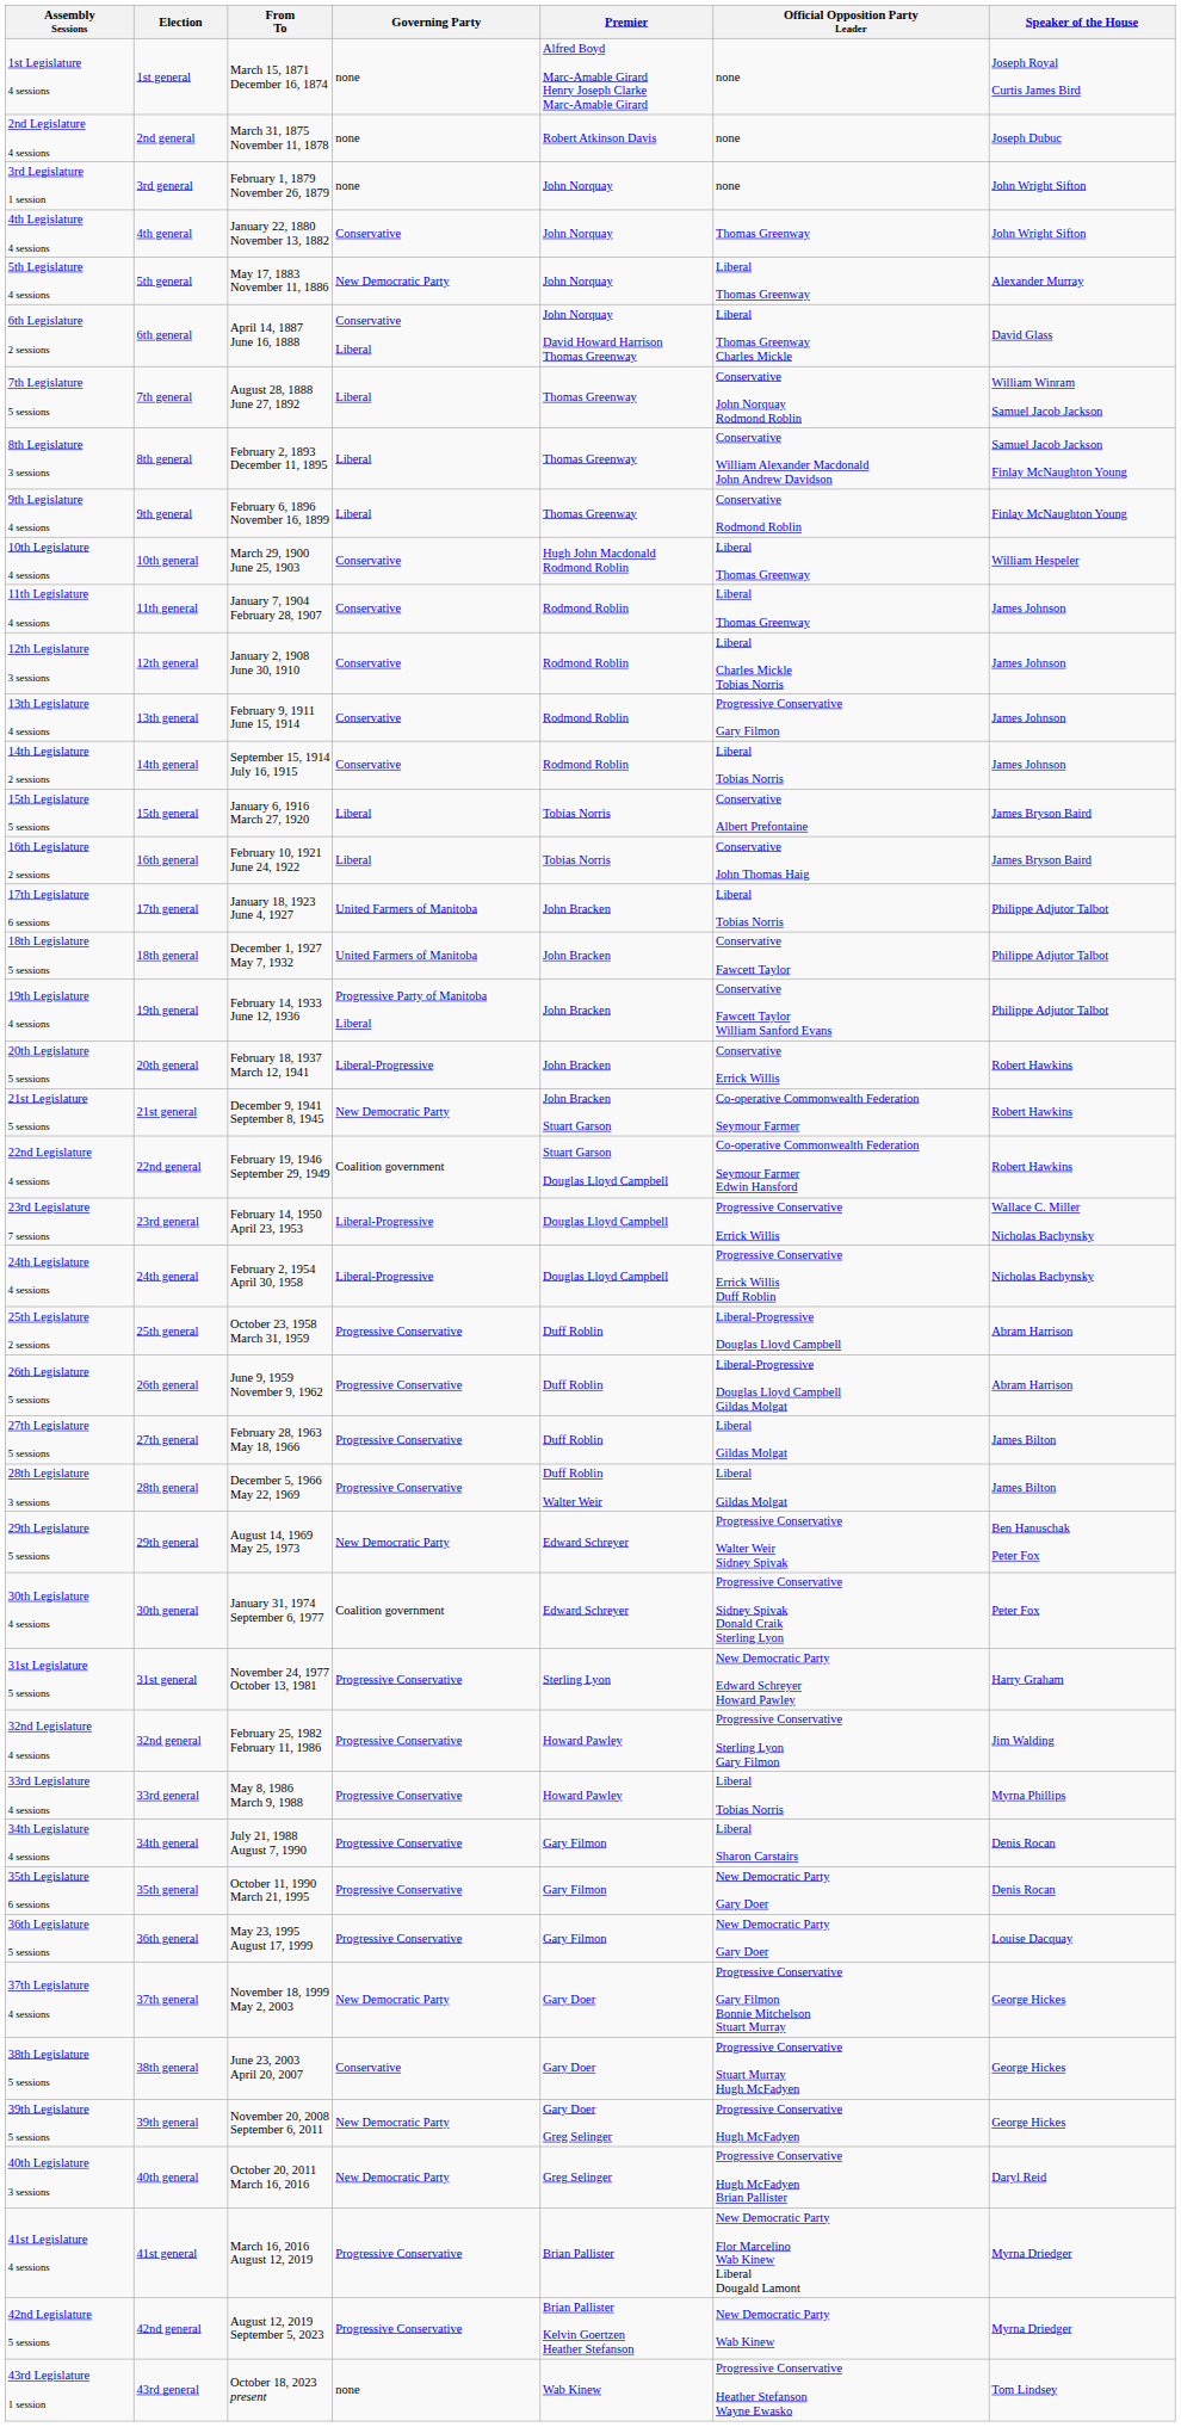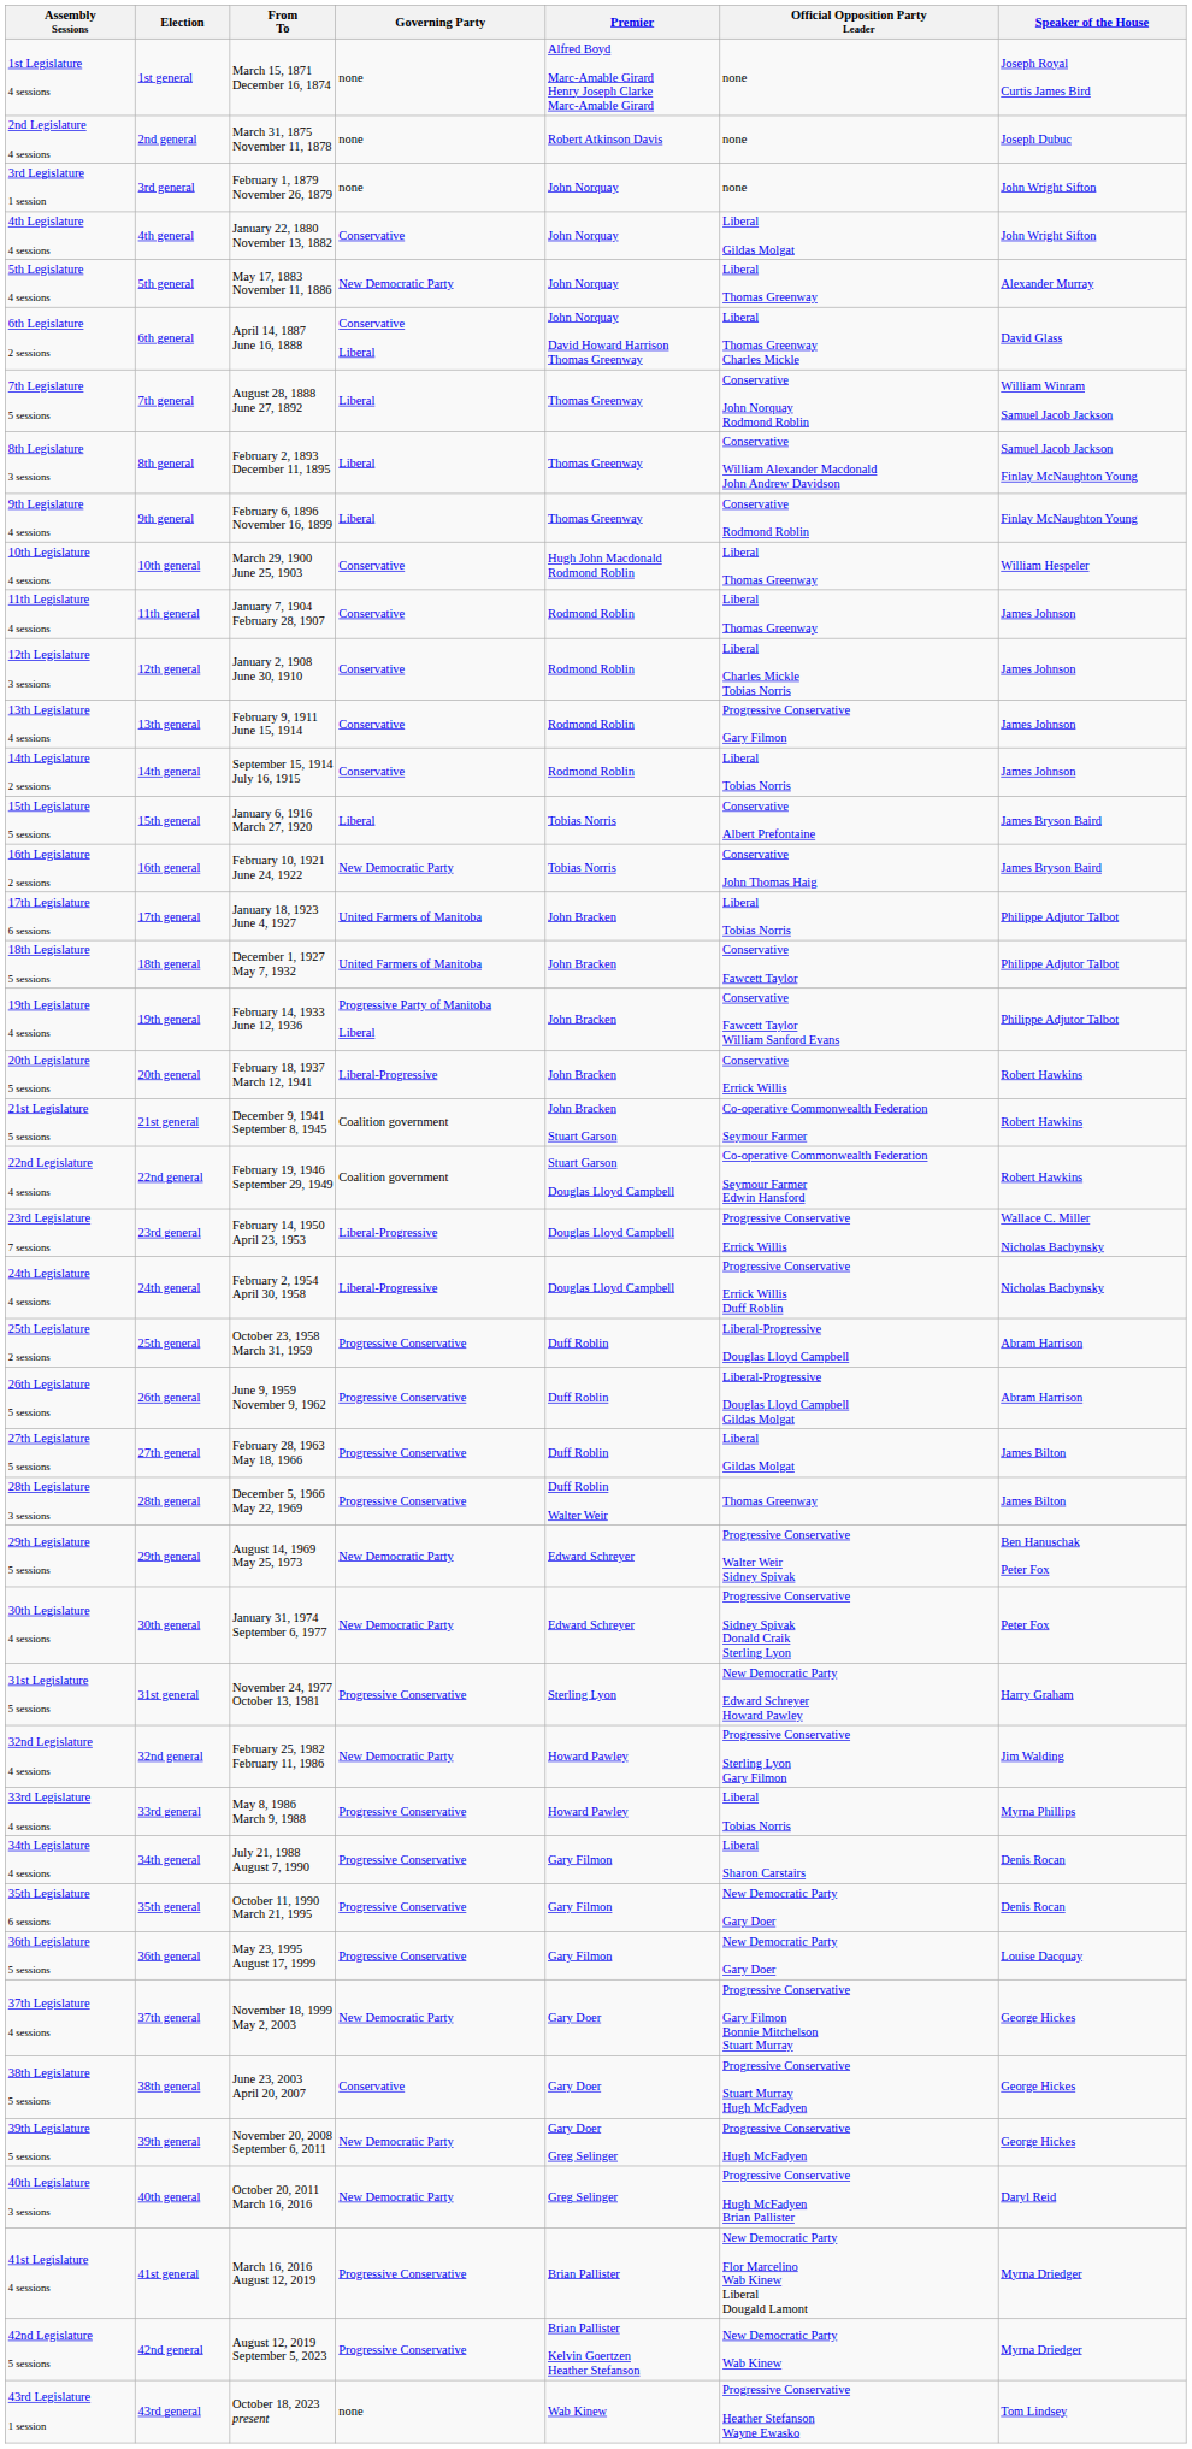 <table class="wikitable" style="font-size:100%">
 <tr>
 <th width=11%>Assembly<br><small>Sessions</small></th>
 <th width=8%>Election</th>
 <th width=9%>From<br>To</th>
 <th>Governing Party</th>
 <th><a href='#'>Premier</a></th>
 <th>Official Opposition Party<br><small>Leader</small></th>
 <th><a href='#'>Speaker of the House</a></th>
 </tr>
 <tr>
 <td><a href='#'>1st Legislature</a><br><br><small>4 sessions</small></td>
 <td><a href='#'>1st general</a></td>
 <td>March 15, 1871 <br> December 16, 1874</td>
 <td>none</td>
 <td><a href='#'>Alfred Boyd</a><br><br><a href='#'>Marc-Amable Girard</a><br> <a href='#'>Henry Joseph Clarke</a><br> <a href='#'>Marc-Amable Girard</a></td>
 <td>none</td>
 <td><a href='#'>Joseph Royal</a><br><br><a href='#'>Curtis James Bird</a></td>
 </tr>
 <tr>
 <td><a href='#'>2nd Legislature</a><br><br><small>4 sessions</small></td>
 <td><a href='#'>2nd general</a></td>
 <td>March 31, 1875 <br> November 11, 1878</td>
 <td>none</td>
 <td><a href='#'>Robert Atkinson Davis</a></td>
 <td>none</td>
 <td><a href='#'>Joseph Dubuc</a></td>
 </tr>
 <tr>
 <td><a href='#'>3rd Legislature</a><br><br><small>1 session</small></td>
 <td><a href='#'>3rd general</a></td>
 <td>February 1, 1879 <br> November 26, 1879</td>
 <td>none</td>
 <td><a href='#'>John Norquay</a></td>
 <td>none</td>
 <td><a href='#'>John Wright Sifton</a></td>
 </tr>
 <tr>
 <td><a href='#'>4th Legislature</a><br><br><small>4 sessions</small></td>
 <td><a href='#'>4th general</a></td>
 <td>January 22, 1880 <br> November 13, 1882</td>
 <td><a href='#'>Conservative</a></td>
 <td><a href='#'>John Norquay</a></td>
-<td><a href='#'>Thomas Greenway</a></td>
+<td><a href='#'>Liberal</a><br><br><a href='#'>Gildas Molgat</a></td>
 <td><a href='#'>John Wright Sifton</a></td>
 </tr>
 <tr>
 <td><a href='#'>5th Legislature</a><br><br><small>4 sessions</small></td>
 <td><a href='#'>5th general</a></td>
 <td>May 17, 1883 <br> November 11, 1886</td>
 <td><a href='#'>New Democratic Party</a></td>
 <td><a href='#'>John Norquay</a></td>
 <td><a href='#'>Liberal</a><br><br><a href='#'>Thomas Greenway</a></td>
 <td><a href='#'>Alexander Murray</a></td>
 </tr>
 <tr>
 <td><a href='#'>6th Legislature</a><br><br><small>2 sessions</small></td>
 <td><a href='#'>6th general</a></td>
 <td>April 14, 1887 <br> June 16, 1888</td>
 <td><a href='#'>Conservative</a><br><br><a href='#'>Liberal</a></td>
 <td><a href='#'>John Norquay</a><br><br><a href='#'>David Howard Harrison</a><br> <a href='#'>Thomas Greenway</a></td>
 <td><a href='#'>Liberal</a><br><br><a href='#'>Thomas Greenway</a><br> <a href='#'>Charles Mickle</a></td>
 <td><a href='#'>David Glass</a></td>
 </tr>
 <tr>
 <td><a href='#'>7th Legislature</a><br><br><small>5 sessions</small></td>
 <td><a href='#'>7th general</a></td>
 <td>August 28, 1888 <br> June 27, 1892</td>
 <td><a href='#'>Liberal</a></td>
 <td><a href='#'>Thomas Greenway</a></td>
 <td><a href='#'>Conservative</a><br><br><a href='#'>John Norquay</a><br> <a href='#'>Rodmond Roblin</a></td>
 <td><a href='#'>William Winram</a><br><br><a href='#'>Samuel Jacob Jackson</a></td>
 </tr>
 <tr>
 <td><a href='#'>8th Legislature</a><br><br><small>3 sessions</small></td>
 <td><a href='#'>8th general</a></td>
 <td>February 2, 1893 <br> December 11, 1895</td>
 <td><a href='#'>Liberal</a></td>
 <td><a href='#'>Thomas Greenway</a></td>
 <td><a href='#'>Conservative</a><br><br><a href='#'>William Alexander Macdonald</a><br> <a href='#'>John Andrew Davidson</a></td>
 <td><a href='#'>Samuel Jacob Jackson</a><br><br><a href='#'>Finlay McNaughton Young</a></td>
 </tr>
 <tr>
 <td><a href='#'>9th Legislature</a><br><br><small>4 sessions</small></td>
 <td><a href='#'>9th general</a></td>
 <td>February 6, 1896 <br> November 16, 1899</td>
 <td><a href='#'>Liberal</a></td>
 <td><a href='#'>Thomas Greenway</a></td>
 <td><a href='#'>Conservative</a><br><br><a href='#'>Rodmond Roblin</a></td>
 <td><a href='#'>Finlay McNaughton Young</a></td>
 </tr>
 <tr>
 <td><a href='#'>10th Legislature</a><br><br><small>4 sessions</small></td>
 <td><a href='#'>10th general</a></td>
 <td>March 29, 1900 <br> June 25, 1903</td>
 <td><a href='#'>Conservative</a></td>
 <td><a href='#'>Hugh John Macdonald</a><br><a href='#'>Rodmond Roblin</a></td>
 <td><a href='#'>Liberal</a><br><br><a href='#'>Thomas Greenway</a></td>
 <td><a href='#'>William Hespeler</a></td>
 </tr>
 <tr>
 <td><a href='#'>11th Legislature</a><br><br><small>4 sessions</small></td>
 <td><a href='#'>11th general</a></td>
 <td>January 7, 1904 <br> February 28, 1907</td>
 <td><a href='#'>Conservative</a></td>
 <td><a href='#'>Rodmond Roblin</a></td>
 <td><a href='#'>Liberal</a><br><br><a href='#'>Thomas Greenway</a></td>
 <td><a href='#'>James Johnson</a></td>
 </tr>
 <tr>
 <td><a href='#'>12th Legislature</a><br><br><small>3 sessions</small></td>
 <td><a href='#'>12th general</a></td>
 <td>January 2, 1908 <br> June 30, 1910</td>
 <td><a href='#'>Conservative</a></td>
 <td><a href='#'>Rodmond Roblin</a></td>
 <td><a href='#'>Liberal</a><br><br><a href='#'>Charles Mickle</a><br> <a href='#'>Tobias Norris</a></td>
 <td><a href='#'>James Johnson</a></td>
 </tr>
 <tr>
 <td><a href='#'>13th Legislature</a><br><br><small>4 sessions</small></td>
 <td><a href='#'>13th general</a></td>
 <td>February 9, 1911 <br> June 15, 1914</td>
 <td><a href='#'>Conservative</a></td>
 <td><a href='#'>Rodmond Roblin</a></td>
 <td><a href='#'>Progressive Conservative</a><br><br><a href='#'>Gary Filmon</a></td>
 <td><a href='#'>James Johnson</a></td>
 </tr>
 <tr>
 <td><a href='#'>14th Legislature</a><br><br><small>2 sessions</small></td>
 <td><a href='#'>14th general</a></td>
 <td>September 15, 1914 <br> July 16, 1915</td>
 <td><a href='#'>Conservative</a></td>
 <td><a href='#'>Rodmond Roblin</a></td>
 <td><a href='#'>Liberal</a><br><br><a href='#'>Tobias Norris</a></td>
 <td><a href='#'>James Johnson</a></td>
 </tr>
 <tr>
 <td><a href='#'>15th Legislature</a><br><br><small>5 sessions</small></td>
 <td><a href='#'>15th general</a></td>
 <td>January 6, 1916 <br> March 27, 1920</td>
 <td><a href='#'>Liberal</a></td>
 <td><a href='#'>Tobias Norris</a></td>
 <td><a href='#'>Conservative</a><br><br><a href='#'>Albert Prefontaine</a></td>
 <td><a href='#'>James Bryson Baird</a></td>
 </tr>
 <tr>
 <td><a href='#'>16th Legislature</a><br><br><small>2 sessions</small></td>
 <td><a href='#'>16th general</a></td>
 <td>February 10, 1921 <br> June 24, 1922</td>
-<td><a href='#'>Liberal</a></td>
+<td><a href='#'>New Democratic Party</a></td>
 <td><a href='#'>Tobias Norris</a></td>
 <td><a href='#'>Conservative</a><br><br><a href='#'>John Thomas Haig</a></td>
 <td><a href='#'>James Bryson Baird</a></td>
 </tr>
 <tr>
 <td><a href='#'>17th Legislature</a><br><br><small>6 sessions</small></td>
 <td><a href='#'>17th general</a></td>
 <td>January 18, 1923 <br> June 4, 1927</td>
 <td><a href='#'>United Farmers of Manitoba</a></td>
 <td><a href='#'>John Bracken</a></td>
 <td><a href='#'>Liberal</a><br><br><a href='#'>Tobias Norris</a></td>
 <td><a href='#'>Philippe Adjutor Talbot</a></td>
 </tr>
 <tr>
 <td><a href='#'>18th Legislature</a><br><br><small>5 sessions</small></td>
 <td><a href='#'>18th general</a></td>
 <td>December 1, 1927 <br> May 7, 1932</td>
 <td><a href='#'>United Farmers of Manitoba</a></td>
 <td><a href='#'>John Bracken</a></td>
 <td><a href='#'>Conservative</a><br><br><a href='#'>Fawcett Taylor</a></td>
 <td><a href='#'>Philippe Adjutor Talbot</a></td>
 </tr>
 <tr>
 <td><a href='#'>19th Legislature</a><br><br><small>4 sessions</small></td>
 <td><a href='#'>19th general</a></td>
 <td>February 14, 1933 <br> June 12, 1936</td>
 <td><a href='#'>Progressive Party of Manitoba</a><br><br><a href='#'>Liberal</a></td>
 <td><a href='#'>John Bracken</a></td>
 <td><a href='#'>Conservative</a><br><br><a href='#'>Fawcett Taylor</a><br> <a href='#'>William Sanford Evans</a></td>
 <td><a href='#'>Philippe Adjutor Talbot</a></td>
 </tr>
 <tr>
 <td><a href='#'>20th Legislature</a><br><br><small>5 sessions</small></td>
 <td><a href='#'>20th general</a></td>
 <td>February 18, 1937 <br> March 12, 1941</td>
 <td><a href='#'>Liberal-Progressive</a></td>
 <td><a href='#'>John Bracken</a></td>
 <td><a href='#'>Conservative</a><br><br><a href='#'>Errick Willis</a></td>
 <td><a href='#'>Robert Hawkins</a></td>
 </tr>
 <tr>
 <td><a href='#'>21st Legislature</a><br><br><small>5 sessions</small></td>
 <td><a href='#'>21st general</a></td>
 <td>December 9, 1941 <br> September 8, 1945</td>
-<td><a href='#'>New Democratic Party</a></td>
+<td>Coalition government</td>
 <td><a href='#'>John Bracken</a><br><br><a href='#'>Stuart Garson</a></td>
 <td><a href='#'>Co-operative Commonwealth Federation</a><br><br><a href='#'>Seymour Farmer</a></td>
 <td><a href='#'>Robert Hawkins</a></td>
 </tr>
 <tr>
 <td><a href='#'>22nd Legislature</a><br><br><small>4 sessions</small></td>
 <td><a href='#'>22nd general</a></td>
 <td>February 19, 1946 <br> September 29, 1949</td>
 <td>Coalition government</td>
 <td><a href='#'>Stuart Garson</a><br><br><a href='#'>Douglas Lloyd Campbell</a></td>
 <td><a href='#'>Co-operative Commonwealth Federation</a><br><br><a href='#'>Seymour Farmer</a><br> <a href='#'>Edwin Hansford</a></td>
 <td><a href='#'>Robert Hawkins</a></td>
 </tr>
 <tr>
 <td><a href='#'>23rd Legislature</a><br><br><small>7 sessions</small></td>
 <td><a href='#'>23rd general</a></td>
 <td>February 14, 1950 <br> April 23, 1953</td>
 <td><a href='#'>Liberal-Progressive</a></td>
 <td><a href='#'>Douglas Lloyd Campbell</a></td>
 <td><a href='#'>Progressive Conservative</a><br><br><a href='#'>Errick Willis</a></td>
 <td><a href='#'>Wallace C. Miller</a><br><br><a href='#'>Nicholas Bachynsky</a></td>
 </tr>
 <tr>
 <td><a href='#'>24th Legislature</a><br><br><small>4 sessions</small></td>
 <td><a href='#'>24th general</a></td>
 <td>February 2, 1954 <br> April 30, 1958</td>
 <td><a href='#'>Liberal-Progressive</a></td>
 <td><a href='#'>Douglas Lloyd Campbell</a></td>
 <td><a href='#'>Progressive Conservative</a><br><br><a href='#'>Errick Willis</a><br> <a href='#'>Duff Roblin</a></td>
 <td><a href='#'>Nicholas Bachynsky</a></td>
 </tr>
 <tr>
 <td><a href='#'>25th Legislature</a><br><br><small>2 sessions</small></td>
 <td><a href='#'>25th general</a></td>
 <td>October 23, 1958 <br> March 31, 1959</td>
 <td><a href='#'>Progressive Conservative</a></td>
 <td><a href='#'>Duff Roblin</a></td>
 <td><a href='#'>Liberal-Progressive</a><br><br><a href='#'>Douglas Lloyd Campbell</a></td>
 <td><a href='#'>Abram Harrison</a></td>
 </tr>
 <tr>
 <td><a href='#'>26th Legislature</a><br><br><small>5 sessions</small></td>
 <td><a href='#'>26th general</a></td>
 <td>June 9, 1959 <br> November 9, 1962</td>
 <td><a href='#'>Progressive Conservative</a></td>
 <td><a href='#'>Duff Roblin</a></td>
 <td><a href='#'>Liberal-Progressive</a><br><br><a href='#'>Douglas Lloyd Campbell</a><br> <a href='#'>Gildas Molgat</a></td>
 <td><a href='#'>Abram Harrison</a></td>
 </tr>
 <tr>
 <td><a href='#'>27th Legislature</a><br><br><small>5 sessions</small></td>
 <td><a href='#'>27th general</a></td>
 <td>February 28, 1963 <br> May 18, 1966</td>
 <td><a href='#'>Progressive Conservative</a></td>
 <td><a href='#'>Duff Roblin</a></td>
 <td><a href='#'>Liberal</a><br><br><a href='#'>Gildas Molgat</a></td>
 <td><a href='#'>James Bilton</a></td>
 </tr>
 <tr>
 <td><a href='#'>28th Legislature</a><br><br><small>3 sessions</small></td>
 <td><a href='#'>28th general</a></td>
 <td>December 5, 1966 <br> May 22, 1969</td>
 <td><a href='#'>Progressive Conservative</a></td>
 <td><a href='#'>Duff Roblin</a><br><br><a href='#'>Walter Weir</a></td>
-<td><a href='#'>Liberal</a><br><br><a href='#'>Gildas Molgat</a></td>
+<td><a href='#'>Thomas Greenway</a></td>
 <td><a href='#'>James Bilton</a></td>
 </tr>
 <tr>
 <td><a href='#'>29th Legislature</a><br><br><small>5 sessions</small></td>
 <td><a href='#'>29th general</a></td>
 <td>August 14, 1969 <br> May 25, 1973</td>
 <td><a href='#'>New Democratic Party</a></td>
 <td><a href='#'>Edward Schreyer</a></td>
 <td><a href='#'>Progressive Conservative</a><br><br><a href='#'>Walter Weir</a><br> <a href='#'>Sidney Spivak</a></td>
 <td><a href='#'>Ben Hanuschak</a><br><br><a href='#'>Peter Fox</a></td>
 </tr>
 <tr>
 <td><a href='#'>30th Legislature</a><br><br><small>4 sessions</small></td>
 <td><a href='#'>30th general</a></td>
 <td>January 31, 1974 <br> September 6, 1977</td>
-<td>Coalition government</td>
+<td><a href='#'>New Democratic Party</a></td>
 <td><a href='#'>Edward Schreyer</a></td>
 <td><a href='#'>Progressive Conservative</a><br><br><a href='#'>Sidney Spivak</a><br> <a href='#'>Donald Craik</a><br> <a href='#'>Sterling Lyon</a></td>
 <td><a href='#'>Peter Fox</a></td>
 </tr>
 <tr>
 <td><a href='#'>31st Legislature</a><br><br><small>5 sessions</small></td>
 <td><a href='#'>31st general</a></td>
 <td>November 24, 1977 <br> October 13, 1981</td>
 <td><a href='#'>Progressive Conservative</a></td>
 <td><a href='#'>Sterling Lyon</a></td>
 <td><a href='#'>New Democratic Party</a><br><br><a href='#'>Edward Schreyer</a><br> <a href='#'>Howard Pawley</a></td>
 <td><a href='#'>Harry Graham</a></td>
 </tr>
 <tr>
 <td><a href='#'>32nd Legislature</a><br><br><small>4 sessions</small></td>
 <td><a href='#'>32nd general</a></td>
 <td>February 25, 1982 <br>  February 11, 1986</td>
-<td><a href='#'>Progressive Conservative</a></td>
+<td><a href='#'>New Democratic Party</a></td>
 <td><a href='#'>Howard Pawley</a></td>
 <td><a href='#'>Progressive Conservative</a><br><br><a href='#'>Sterling Lyon</a><br> <a href='#'>Gary Filmon</a></td>
 <td><a href='#'>Jim Walding</a></td>
 </tr>
 <tr>
 <td><a href='#'>33rd Legislature</a><br><br><small>4 sessions</small></td>
 <td><a href='#'>33rd general</a></td>
 <td>May 8, 1986 <br>  March 9, 1988</td>
 <td><a href='#'>Progressive Conservative</a></td>
 <td><a href='#'>Howard Pawley</a></td>
 <td><a href='#'>Liberal</a><br><br><a href='#'>Tobias Norris</a></td>
 <td><a href='#'>Myrna Phillips</a></td>
 </tr>
 <tr>
 <td><a href='#'>34th Legislature</a><br><br><small>4 sessions</small></td>
 <td><a href='#'>34th general</a></td>
 <td>July 21, 1988 <br>  August 7, 1990</td>
 <td><a href='#'>Progressive Conservative</a></td>
 <td><a href='#'>Gary Filmon</a></td>
 <td><a href='#'>Liberal</a><br><br><a href='#'>Sharon Carstairs</a></td>
 <td><a href='#'>Denis Rocan</a></td>
 </tr>
 <tr>
 <td><a href='#'>35th Legislature</a><br><br><small>6 sessions</small></td>
 <td><a href='#'>35th general</a></td>
 <td>October 11, 1990 <br>  March 21, 1995</td>
 <td><a href='#'>Progressive Conservative</a></td>
 <td><a href='#'>Gary Filmon</a></td>
 <td><a href='#'>New Democratic Party</a><br><br><a href='#'>Gary Doer</a></td>
 <td><a href='#'>Denis Rocan</a></td>
 </tr>
 <tr>
 <td><a href='#'>36th Legislature</a><br><br><small>5 sessions</small></td>
 <td><a href='#'>36th general</a></td>
 <td>May 23, 1995 <br>  August 17, 1999</td>
 <td><a href='#'>Progressive Conservative</a></td>
 <td><a href='#'>Gary Filmon</a></td>
 <td><a href='#'>New Democratic Party</a><br><br><a href='#'>Gary Doer</a></td>
 <td><a href='#'>Louise Dacquay</a></td>
 </tr>
 <tr>
 <td><a href='#'>37th Legislature</a><br><br><small>4 sessions</small></td>
 <td><a href='#'>37th general</a></td>
 <td>November 18, 1999 <br>  May 2, 2003</td>
 <td><a href='#'>New Democratic Party</a></td>
 <td><a href='#'>Gary Doer</a></td>
 <td><a href='#'>Progressive Conservative</a><br><br><a href='#'>Gary Filmon</a><br> <a href='#'>Bonnie Mitchelson</a><br> <a href='#'>Stuart Murray</a></td>
 <td><a href='#'>George Hickes</a></td>
 </tr>
 <tr>
 <td><a href='#'>38th Legislature</a><br><br><small>5 sessions</small></td>
 <td><a href='#'>38th general</a></td>
 <td>June 23, 2003 <br>  April 20, 2007</td>
 <td><a href='#'>Conservative</a></td>
 <td><a href='#'>Gary Doer</a></td>
 <td><a href='#'>Progressive Conservative</a><br><br><a href='#'>Stuart Murray</a><br> <a href='#'>Hugh McFadyen</a></td>
 <td><a href='#'>George Hickes</a></td>
 </tr>
 <tr>
 <td><a href='#'>39th Legislature</a><br><br><small>5 sessions</small></td>
 <td><a href='#'>39th general</a></td>
 <td>November 20, 2008 <br>  September 6, 2011</td>
 <td><a href='#'>New Democratic Party</a></td>
 <td><a href='#'>Gary Doer</a><br><br><a href='#'>Greg Selinger</a></td>
 <td><a href='#'>Progressive Conservative</a><br><br><a href='#'>Hugh McFadyen</a></td>
 <td><a href='#'>George Hickes</a></td>
 </tr>
 <tr>
 <td><a href='#'>40th Legislature</a><br><br><small>3 sessions</small></td>
 <td><a href='#'>40th general</a></td>
 <td>October 20, 2011 <br>  March 16, 2016</td>
 <td><a href='#'>New Democratic Party</a></td>
 <td><a href='#'>Greg Selinger</a></td>
 <td><a href='#'>Progressive Conservative</a><br><br><a href='#'>Hugh McFadyen</a><br> <a href='#'>Brian Pallister</a></td>
 <td><a href='#'>Daryl Reid</a></td>
 </tr>
 <tr>
 <td><a href='#'>41st Legislature</a><br><br><small>4 sessions</small></td>
 <td><a href='#'>41st general</a></td>
 <td>March 16, 2016 <br> August 12, 2019</td>
 <td><a href='#'>Progressive Conservative</a></td>
 <td><a href='#'>Brian Pallister</a></td>
 <td><a href='#'>New Democratic Party</a><br><br><a href='#'>Flor Marcelino</a><br> <a href='#'>Wab Kinew</a><br>Liberal<br>Dougald Lamont</td>
 <td><a href='#'>Myrna Driedger</a></td>
 </tr>
 <tr>
 <td><a href='#'>42nd Legislature</a><br><br><small>5 sessions</small></td>
 <td><a href='#'>42nd general</a></td>
 <td>August 12, 2019 <br> September 5, 2023</td>
 <td><a href='#'>Progressive Conservative</a></td>
 <td><a href='#'>Brian Pallister</a><br><br><a href='#'>Kelvin Goertzen</a><br> <a href='#'>Heather Stefanson</a></td>
 <td><a href='#'>New Democratic Party</a><br><br><a href='#'>Wab Kinew</a></td>
 <td><a href='#'>Myrna Driedger</a></td>
 </tr>
 <tr>
 <td><a href='#'>43rd Legislature</a><br><br><small>1 session</small></td>
 <td><a href='#'>43rd general</a></td>
 <td>October 18, 2023 <br> <em>present</em></td>
 <td>none</td>
 <td><a href='#'>Wab Kinew</a></td>
 <td><a href='#'>Progressive Conservative</a><br><br><a href='#'>Heather Stefanson</a><br><a href='#'>Wayne Ewasko</a></td>
 <td><a href='#'>Tom Lindsey</a></td>
 </tr>
 </table>
